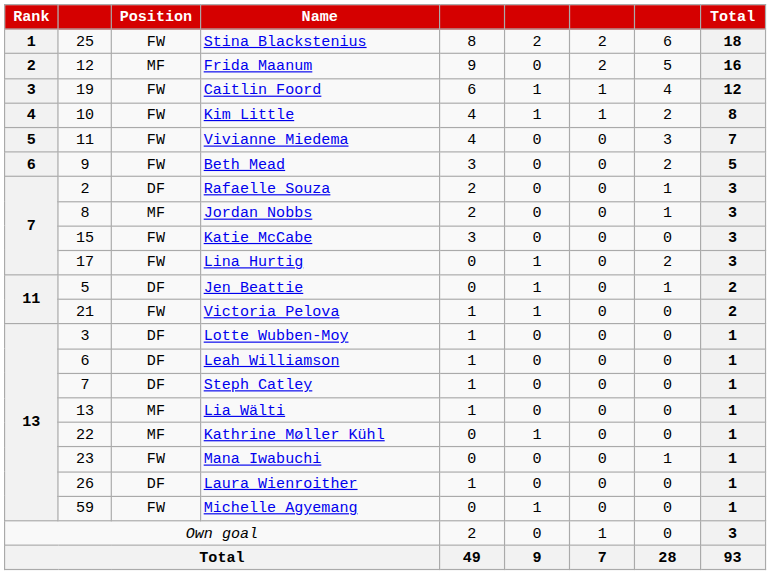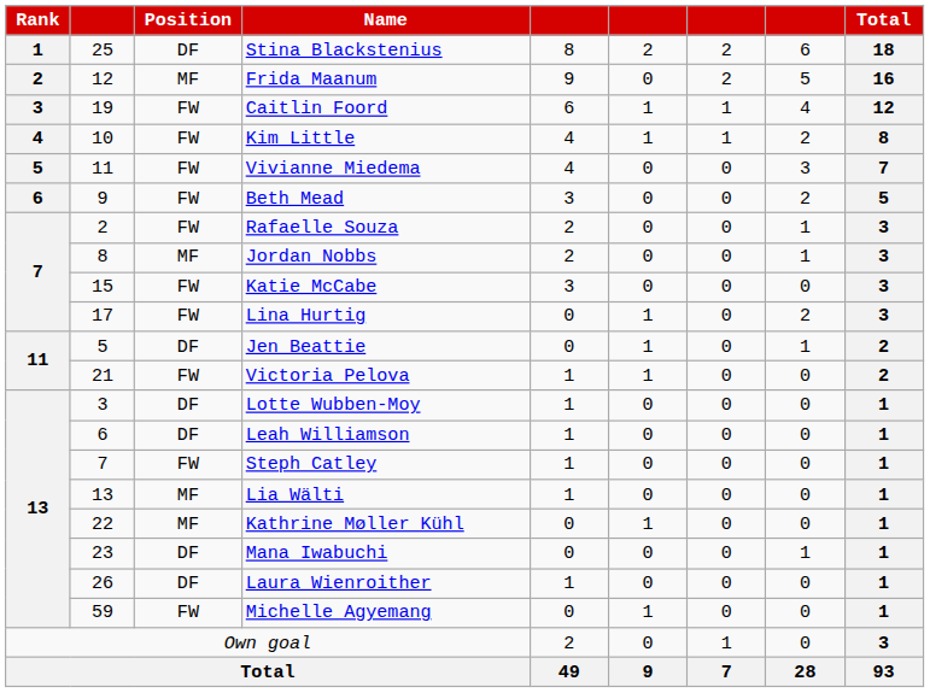 <table class="wikitable sortable" style="text-align:center; font-size:100%; ">
 <tr>
 <th style="background:#d50000; color:white; text-align:center; width:40px;">Rank</th>
 <th style="background:#d50000; color:white; text-align:center; width:40px;"></th>
 <th style="background:#d50000; color:white; text-align:center; width:70px;">Position</th>
 <th style="background:#d50000; color:white; text-align:center; width:200px;">Name</th>
 <th style="background:#d50000; color:white; text-align:center; width:50px;"><a href='#'></a></th>
 <th style="background:#d50000; color:white; text-align:center; width:50px;"><a href='#'></a></th>
 <th style="background:#d50000; color:white; text-align:center; width:50px;"><a href='#'></a></th>
 <th style="background:#d50000; color:white; text-align:center; width:50px;"><a href='#'></a></th>
 <th style="background:#d50000; color:white; text-align:center; width:50px;">Total</th>
 </tr>
 <tr>
 <th>1</th>
 <td>25</td>
-<td>FW</td>
+<td>DF</td>
 <td align="left"> <a href='#'>Stina Blackstenius</a></td>
 <td>8</td>
 <td>2</td>
 <td>2</td>
 <td>6</td>
 <th>18</th>
 </tr>
 <tr>
 <th>2</th>
 <td>12</td>
 <td>MF</td>
 <td align="left"> <a href='#'>Frida Maanum</a></td>
 <td>9</td>
 <td>0</td>
 <td>2</td>
 <td>5</td>
 <th>16</th>
 </tr>
 <tr>
 <th>3</th>
 <td>19</td>
 <td>FW</td>
 <td align="left"> <a href='#'>Caitlin Foord</a></td>
 <td>6</td>
 <td>1</td>
 <td>1</td>
 <td>4</td>
 <th>12</th>
 </tr>
 <tr>
 <th>4</th>
 <td>10</td>
 <td>FW</td>
 <td align="left"> <a href='#'>Kim Little</a></td>
 <td>4</td>
 <td>1</td>
 <td>1</td>
 <td>2</td>
 <th>8</th>
 </tr>
 <tr>
 <th>5</th>
 <td>11</td>
 <td>FW</td>
 <td align="left"> <a href='#'>Vivianne Miedema</a></td>
 <td>4</td>
 <td>0</td>
 <td>0</td>
 <td>3</td>
 <th>7</th>
 </tr>
 <tr>
 <th>6</th>
 <td>9</td>
 <td>FW</td>
 <td align="left"> <a href='#'>Beth Mead</a></td>
 <td>3</td>
 <td>0</td>
 <td>0</td>
 <td>2</td>
 <th>5</th>
 </tr>
 <tr>
 <th rowspan="4">7</th>
 <td>2</td>
-<td>DF</td>
+<td>FW</td>
 <td align="left"> <a href='#'>Rafaelle Souza</a></td>
 <td>2</td>
 <td>0</td>
 <td>0</td>
 <td>1</td>
 <th>3</th>
 </tr>
 <tr>
 <td>8</td>
 <td>MF</td>
 <td align="left"> <a href='#'>Jordan Nobbs</a></td>
 <td>2</td>
 <td>0</td>
 <td>0</td>
 <td>1</td>
 <th>3</th>
 </tr>
 <tr>
 <td>15</td>
 <td>FW</td>
 <td align="left"> <a href='#'>Katie McCabe</a></td>
 <td>3</td>
 <td>0</td>
 <td>0</td>
 <td>0</td>
 <th>3</th>
 </tr>
 <tr>
 <td>17</td>
 <td>FW</td>
 <td align="left"> <a href='#'>Lina Hurtig</a></td>
 <td>0</td>
 <td>1</td>
 <td>0</td>
 <td>2</td>
 <th>3</th>
 </tr>
 <tr>
 <th rowspan="2">11</th>
 <td>5</td>
 <td>DF</td>
 <td align="left"> <a href='#'>Jen Beattie</a></td>
 <td>0</td>
 <td>1</td>
 <td>0</td>
 <td>1</td>
 <th>2</th>
 </tr>
 <tr>
 <td>21</td>
 <td>FW</td>
 <td align="left"> <a href='#'>Victoria Pelova</a></td>
 <td>1</td>
 <td>1</td>
 <td>0</td>
 <td>0</td>
 <th>2</th>
 </tr>
 <tr>
 <th rowspan="8">13</th>
 <td>3</td>
 <td>DF</td>
 <td align="left"> <a href='#'>Lotte Wubben-Moy</a></td>
 <td>1</td>
 <td>0</td>
 <td>0</td>
 <td>0</td>
 <th>1</th>
 </tr>
 <tr>
 <td>6</td>
 <td>DF</td>
 <td align="left"> <a href='#'>Leah Williamson</a></td>
 <td>1</td>
 <td>0</td>
 <td>0</td>
 <td>0</td>
 <th>1</th>
 </tr>
 <tr>
 <td>7</td>
-<td>DF</td>
+<td>FW</td>
 <td align="left"> <a href='#'>Steph Catley</a></td>
 <td>1</td>
 <td>0</td>
 <td>0</td>
 <td>0</td>
 <th>1</th>
 </tr>
 <tr>
 <td>13</td>
 <td>MF</td>
 <td align="left"> <a href='#'>Lia Wälti</a></td>
 <td>1</td>
 <td>0</td>
 <td>0</td>
 <td>0</td>
 <th>1</th>
 </tr>
 <tr>
 <td>22</td>
 <td>MF</td>
 <td align="left"> <a href='#'>Kathrine Møller Kühl</a></td>
 <td>0</td>
 <td>1</td>
 <td>0</td>
 <td>0</td>
 <th>1</th>
 </tr>
 <tr>
 <td>23</td>
-<td>FW</td>
+<td>DF</td>
 <td align="left"> <a href='#'>Mana Iwabuchi</a></td>
 <td>0</td>
 <td>0</td>
 <td>0</td>
 <td>1</td>
 <th>1</th>
 </tr>
 <tr>
 <td>26</td>
 <td>DF</td>
 <td align="left"> <a href='#'>Laura Wienroither</a></td>
 <td>1</td>
 <td>0</td>
 <td>0</td>
 <td>0</td>
 <th>1</th>
 </tr>
 <tr>
 <td>59</td>
 <td>FW</td>
 <td align="left"> <a href='#'>Michelle Agyemang</a></td>
 <td>0</td>
 <td>1</td>
 <td>0</td>
 <td>0</td>
 <th>1</th>
 </tr>
 <tr>
 <td colspan="4"><em>Own goal</em></td>
 <td>2</td>
 <td>0</td>
 <td>1</td>
 <td>0</td>
 <th>3</th>
 </tr>
 <tr>
 <th colspan="4">Total</th>
 <th>49</th>
 <th>9</th>
 <th>7</th>
 <th>28</th>
 <th>93</th>
 </tr>
 </table>
